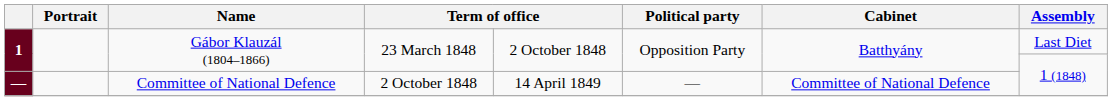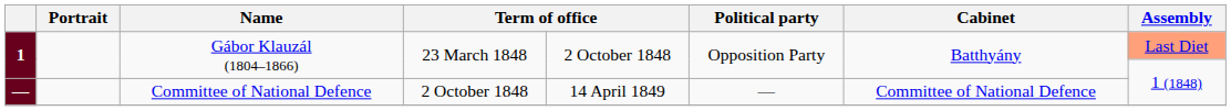 <table class="wikitable" style="width:90%; text-align:center;">
 <tr>
 <th></th>
 <th>Portrait</th>
 <th>Name<br></th>
 <th colspan=2>Term of office</th>
 <th>Political party</th>
 <th>Cabinet</th>
 <th><a href='#'>Assembly</a><br></th>
 </tr>
 <tr>
 <th rowspan="2" style="background-color:#68001D; color:white">1</th>
 <td rowspan="2"></td>
 <td rowspan="2"><a href='#'>Gábor Klauzál</a><br><small>(1804–1866)</small></td>
 <td rowspan="2">23 March 1848</td>
 <td rowspan="2">2 October 1848</td>
 <td rowspan="2">Opposition Party</td>
 <td rowspan="2"><a href='#'>Batthyány</a></td>
-<td><a href='#'>Last Diet</a></td>
+<td style="background: lightsalmon;"><a href='#'>Last Diet</a></td>
 </tr>
 <tr>
 <td rowspan="2"><a href='#'>1 <small>(1848)</small></a></td>
 </tr>
 <tr>
 <th style="background-color:#68001D; color:white">—</th>
 <td><br></td>
 <td><a href='#'>Committee of National Defence</a></td>
 <td>2 October 1848</td>
 <td>14 April 1849</td>
 <td>—</td>
 <td><a href='#'>Committee of National Defence</a></td>
 </tr>
 <tr>
 </tr>
 </table>
